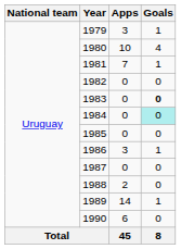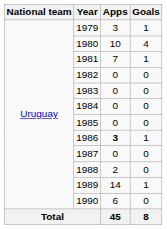 <table class="wikitable" style="text-align:center">
 <tr>
 <th>National team</th>
 <th>Year</th>
 <th>Apps</th>
 <th>Goals</th>
 </tr>
 <tr>
 <td rowspan="12"><a href='#'>Uruguay</a></td>
 <td>1979</td>
 <td>3</td>
 <td>1</td>
 </tr>
 <tr>
 <td>1980</td>
 <td>10</td>
 <td>4</td>
 </tr>
 <tr>
 <td>1981</td>
 <td>7</td>
 <td>1</td>
 </tr>
 <tr>
 <td>1982</td>
 <td>0</td>
 <td>0</td>
 </tr>
 <tr>
 <td>1983</td>
 <td>0</td>
-<td><strong>0</strong></td>
+<td>0</td>
 </tr>
 <tr>
 <td>1984</td>
 <td>0</td>
-<td style="background: paleturquoise;">0</td>
+<td>0</td>
 </tr>
 <tr>
 <td>1985</td>
 <td>0</td>
 <td>0</td>
 </tr>
 <tr>
 <td>1986</td>
-<td>3</td>
+<td><strong>3</strong></td>
 <td>1</td>
 </tr>
 <tr>
 <td>1987</td>
 <td>0</td>
 <td>0</td>
 </tr>
 <tr>
 <td>1988</td>
 <td>2</td>
 <td>0</td>
 </tr>
 <tr>
 <td>1989</td>
 <td>14</td>
 <td>1</td>
 </tr>
 <tr>
 <td>1990</td>
 <td>6</td>
 <td>0</td>
 </tr>
 <tr>
 <th colspan="2">Total</th>
 <th>45</th>
 <th>8</th>
 </tr>
 </table>
